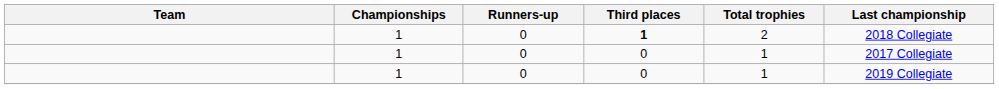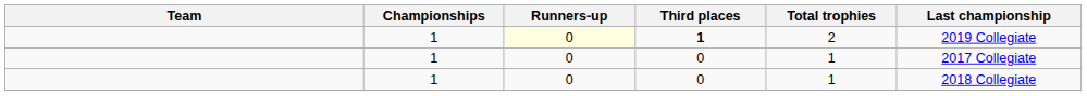 <table class="wikitable sortable" style="font-size:90%; text-align:center" width="90%">
 <tr>
 <th style="width:20em;">Team</th>
 <th style="width:7em;">Championships</th>
 <th style="width:7em;">Runners-up</th>
 <th style="width:7em;">Third places</th>
 <th style="width:7em;">Total trophies</th>
 <th style="width:10em;">Last championship</th>
 </tr>
 <tr>
 <td align=left><strong></strong></td>
 <td>1</td>
-<td>0</td>
+<td style="background: lightyellow;">0</td>
 <td><strong>1</strong></td>
 <td>2</td>
-<td><a href='#'>2018 Collegiate</a></td>
+<td><a href='#'>2019 Collegiate</a></td>
 </tr>
 <tr>
 <td align=left><strong></strong></td>
 <td>1</td>
 <td>0</td>
 <td>0</td>
 <td>1</td>
 <td><a href='#'>2017 Collegiate</a></td>
 </tr>
 <tr>
 <td align=left><strong></strong></td>
 <td>1</td>
 <td>0</td>
 <td>0</td>
 <td>1</td>
-<td><a href='#'>2019 Collegiate</a></td>
+<td><a href='#'>2018 Collegiate</a></td>
 </tr>
 <tr>
 </tr>
 </table>
